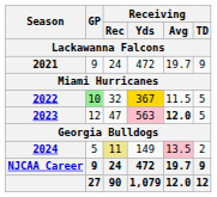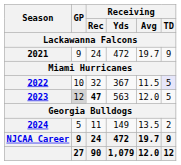 <table class="wikitable" style="text-align:center;">
 <tr>
 <th rowspan="2">Season</th>
 <th rowspan="2">GP</th>
 <th colspan="4">Receiving</th>
 </tr>
 <tr>
 <th>Rec</th>
 <th>Yds</th>
 <th>Avg</th>
 <th>TD</th>
 </tr>
 <tr>
 <th colspan="11">Lackawanna Falcons</th>
 </tr>
 <tr>
 <th>2021</th>
 <td>9</td>
 <td>24</td>
 <td>472</td>
 <td>19.7</td>
 <td>9</td>
 </tr>
 <tr>
 <th colspan="11">Miami Hurricanes</th>
 </tr>
 <tr>
 <th><a href='#'>2022</a></th>
-<td style="background: lightgreen;">10</td>
+<td>10</td>
 <td>32</td>
-<td style="background: gold;">367</td>
+<td>367</td>
 <td>11.5</td>
-<td>5</td>
+<td style="background: lavender;">5</td>
 </tr>
 <tr>
 <th><a href='#'>2023</a></th>
-<td>12</td>
-<td>47</td>
-<td style="background: pink;">563</td>
-<td><strong>12.0</strong></td>
+<td style="background: lightgrey;">12</td>
+<td><strong>47</strong></td>
+<td>563</td>
+<td>12.0</td>
 <td>5</td>
 </tr>
 <tr>
 <th colspan="11">Georgia Bulldogs</th>
 </tr>
 <tr>
 <th><a href='#'>2024</a></th>
 <td>5</td>
-<td style="background: khaki;">11</td>
+<td>11</td>
 <td>149</td>
-<td style="background: pink;">13.5</td>
+<td>13.5</td>
 <td>2</td>
 </tr>
 <tr>
 <th><a href='#'>NJCAA Career</a></th>
 <th>9</th>
 <th>24</th>
 <th>472</th>
 <th>19.7</th>
 <th>9</th>
 </tr>
 <tr>
 <th></th>
 <th>27</th>
 <th>90</th>
 <th>1,079</th>
 <th>12.0</th>
 <th>12</th>
 </tr>
 </table>
